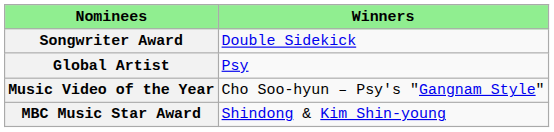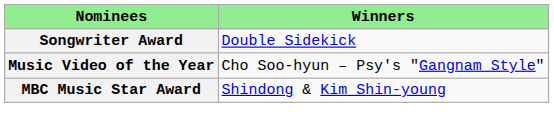 <table class="wikitable plainrowheaders">
 <tr>
 <th style="background:#90EE90;">Nominees</th>
 <th style="background:#90EE90;">Winners</th>
 </tr>
 <tr>
 <th scope="row">Songwriter Award</th>
 <td><a href='#'>Double Sidekick</a></td>
 </tr>
 <tr>
-<th scope="row">Global Artist</th>
-<td><a href='#'>Psy</a></td>
-</tr>
-<tr>
 <th scope="row">Music Video of the Year</th>
 <td>Cho Soo-hyun – Psy's "<a href='#'>Gangnam Style</a>"</td>
 </tr>
 <tr>
 <th scope="row">MBC Music Star Award</th>
 <td><a href='#'>Shindong</a> & <a href='#'>Kim Shin-young</a></td>
 </tr>
 </table>
